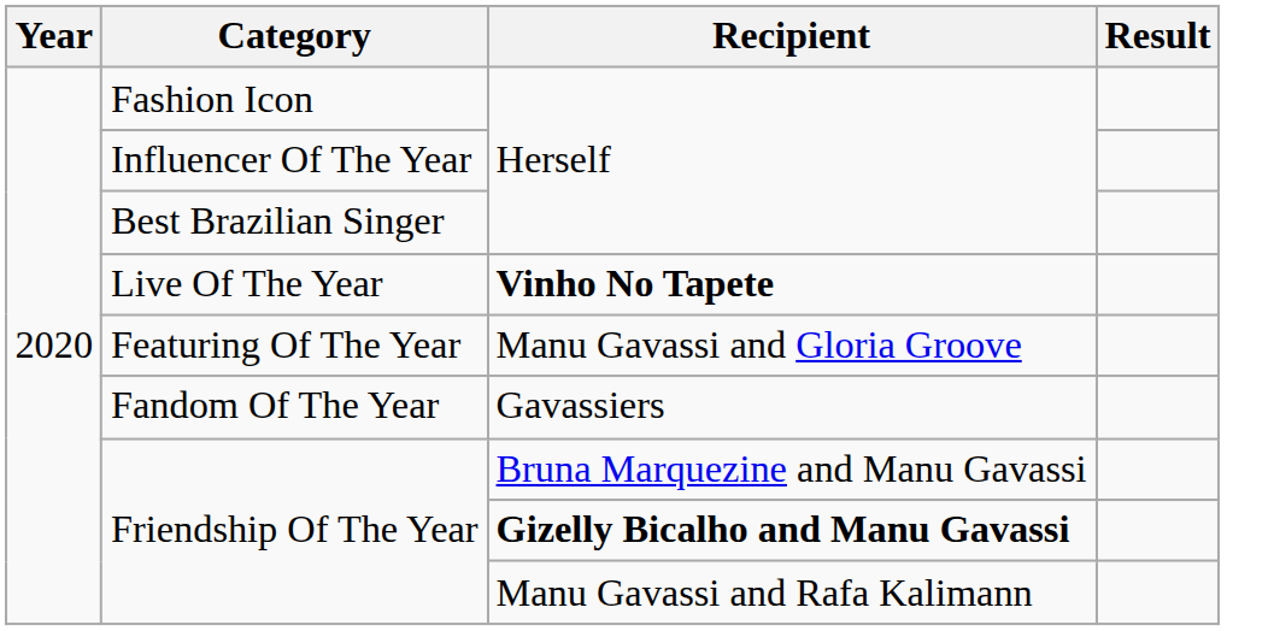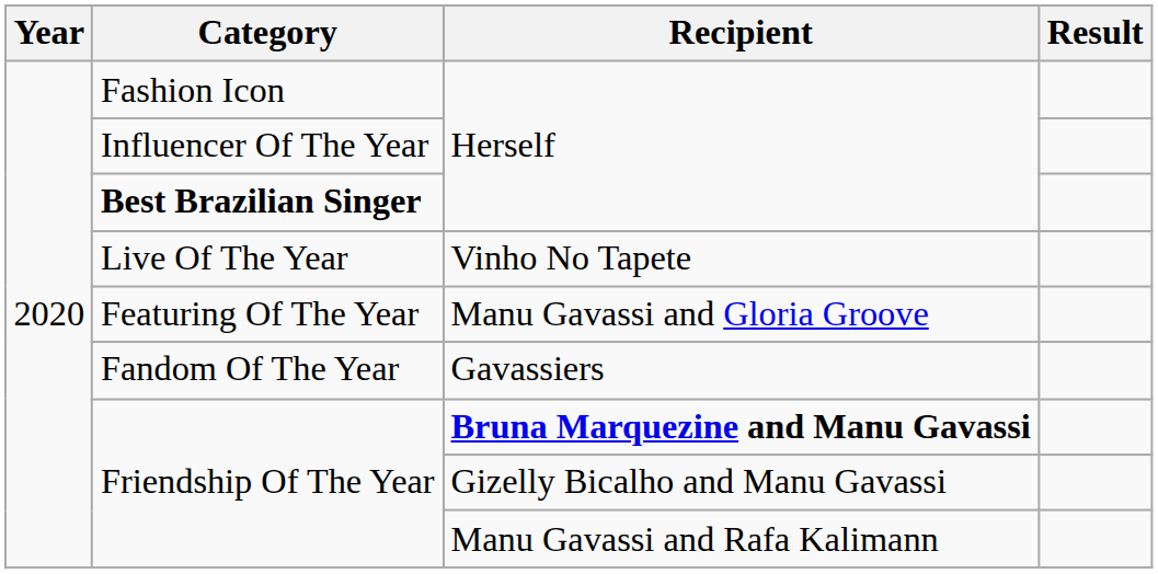 <table class="wikitable">
 <tr>
 <th>Year</th>
 <th>Category</th>
 <th>Recipient</th>
 <th>Result</th>
 </tr>
 <tr>
 <td rowspan=9>2020</td>
 <td>Fashion Icon</td>
 <td rowspan=3>Herself</td>
 <td></td>
 </tr>
 <tr>
 <td>Influencer Of The Year</td>
 <td></td>
 </tr>
 <tr>
-<td>Best Brazilian Singer</td>
+<td><strong>Best Brazilian Singer</strong></td>
 <td></td>
 </tr>
 <tr>
 <td>Live Of The Year</td>
-<td><strong>Vinho No Tapete</strong></td>
+<td>Vinho No Tapete</td>
 <td></td>
 </tr>
 <tr>
 <td>Featuring Of The Year</td>
 <td>Manu Gavassi and <a href='#'>Gloria Groove</a></td>
 <td></td>
 </tr>
 <tr>
 <td>Fandom Of The Year</td>
 <td>Gavassiers</td>
 <td></td>
 </tr>
 <tr>
 <td rowspan=3>Friendship Of The Year</td>
-<td><a href='#'>Bruna Marquezine</a> and Manu Gavassi</td>
+<td><strong><a href='#'>Bruna Marquezine</a> and Manu Gavassi</strong></td>
 <td></td>
 </tr>
 <tr>
-<td><strong>Gizelly Bicalho and Manu Gavassi</strong></td>
+<td>Gizelly Bicalho and Manu Gavassi</td>
 <td></td>
 </tr>
 <tr>
 <td>Manu Gavassi and Rafa Kalimann</td>
 <td></td>
 </tr>
 </table>
